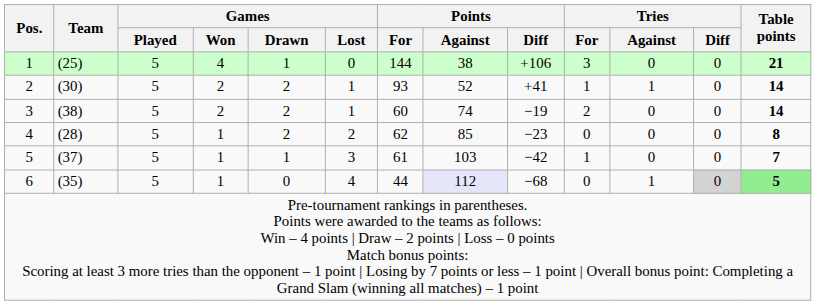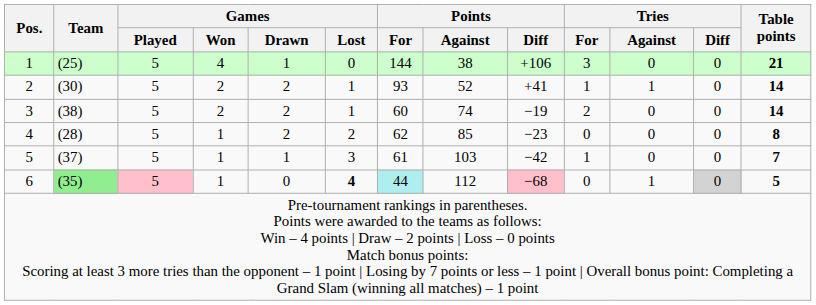 <table class="wikitable" style="text-align:center">
 <tr>
 <th rowspan="2">Pos.</th>
 <th rowspan="2">Team</th>
 <th colspan="4">Games</th>
 <th colspan="3">Points</th>
 <th colspan="3">Tries</th>
 <th rowspan="2">Table<br>points</th>
 </tr>
 <tr>
 <th>Played</th>
 <th>Won</th>
 <th>Drawn</th>
 <th>Lost</th>
 <th>For</th>
 <th>Against</th>
 <th>Diff</th>
 <th>For</th>
 <th>Against</th>
 <th>Diff</th>
 </tr>
 <tr bgcolor="#ccffcc">
 <td>1</td>
 <td align=left> (25)</td>
 <td>5</td>
 <td>4</td>
 <td>1</td>
 <td>0</td>
 <td>144</td>
 <td>38</td>
 <td>+106</td>
 <td>3</td>
 <td>0</td>
 <td>0</td>
 <td><strong>21</strong></td>
 </tr>
 <tr>
 <td>2</td>
 <td align=left> (30)</td>
 <td>5</td>
 <td>2</td>
 <td>2</td>
 <td>1</td>
 <td>93</td>
 <td>52</td>
 <td>+41</td>
 <td>1</td>
 <td>1</td>
 <td>0</td>
 <td><strong>14</strong></td>
 </tr>
 <tr>
 <td>3</td>
 <td align=left> (38)</td>
 <td>5</td>
 <td>2</td>
 <td>2</td>
 <td>1</td>
 <td>60</td>
 <td>74</td>
 <td>−19</td>
 <td>2</td>
 <td>0</td>
 <td>0</td>
 <td><strong>14</strong></td>
 </tr>
 <tr>
 <td>4</td>
 <td align=left> (28)</td>
 <td>5</td>
 <td>1</td>
 <td>2</td>
 <td>2</td>
 <td>62</td>
 <td>85</td>
 <td>−23</td>
 <td>0</td>
 <td>0</td>
 <td>0</td>
 <td><strong>8</strong></td>
 </tr>
 <tr>
 <td>5</td>
 <td align=left> (37)</td>
 <td>5</td>
 <td>1</td>
 <td>1</td>
 <td>3</td>
 <td>61</td>
 <td>103</td>
 <td>−42</td>
 <td>1</td>
 <td>0</td>
 <td>0</td>
 <td><strong>7</strong></td>
 </tr>
 <tr>
 <td>6</td>
-<td align=left> (35)</td>
-<td>5</td>
+<td align=left style="background: lightgreen;"> (35)</td>
+<td style="background: pink;">5</td>
 <td>1</td>
 <td>0</td>
-<td>4</td>
-<td>44</td>
-<td style="background: lavender;">112</td>
-<td>−68</td>
+<td><strong>4</strong></td>
+<td style="background: paleturquoise;">44</td>
+<td>112</td>
+<td style="background: pink;">−68</td>
 <td>0</td>
 <td>1</td>
 <td style="background: lightgrey;">0</td>
-<td style="background: lightgreen;"><strong>5</strong></td>
+<td><strong>5</strong></td>
 </tr>
 <tr>
 <td style="text-align:center" colspan="100">Pre-tournament rankings in parentheses. <br> Points were awarded to the teams as follows:<br>Win – 4 points | Draw – 2 points | Loss – 0 points <br> Match bonus points:<br>Scoring at least 3 more tries than the opponent – 1 point | Losing by 7 points or less – 1 point | Overall bonus point: Completing a Grand Slam (winning all matches) – 1 point</td>
 </tr>
 </table>
